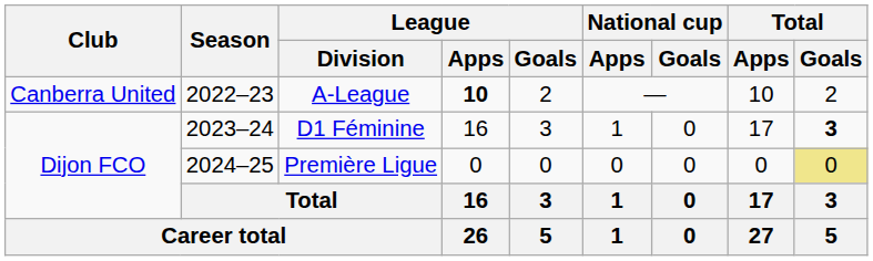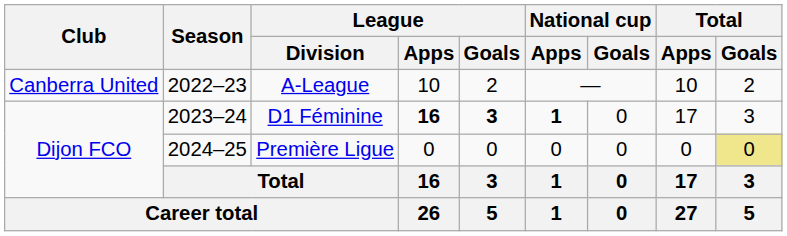 <table class="wikitable" style="text-align:center">
 <tr>
 <th rowspan="2">Club</th>
 <th rowspan="2">Season</th>
 <th colspan="3">League</th>
 <th colspan="2">National cup</th>
 <th colspan="2">Total</th>
 </tr>
 <tr>
 <th>Division</th>
 <th>Apps</th>
 <th>Goals</th>
 <th>Apps</th>
 <th>Goals</th>
 <th>Apps</th>
 <th>Goals</th>
 </tr>
 <tr>
 <td><a href='#'>Canberra United</a></td>
 <td>2022–23</td>
 <td><a href='#'>A-League</a></td>
-<td><strong>10</strong></td>
+<td>10</td>
 <td>2</td>
 <td colspan="2">—</td>
 <td>10</td>
 <td>2</td>
 </tr>
 <tr>
 <td rowspan="3"><a href='#'>Dijon FCO</a></td>
 <td>2023–24</td>
 <td><a href='#'>D1 Féminine</a></td>
-<td>16</td>
-<td>3</td>
-<td>1</td>
+<td><strong>16</strong></td>
+<td><strong>3</strong></td>
+<td><strong>1</strong></td>
 <td>0</td>
 <td>17</td>
-<td><strong>3</strong></td>
+<td>3</td>
 </tr>
 <tr>
 <td>2024–25</td>
 <td><a href='#'>Première Ligue</a></td>
 <td>0</td>
 <td>0</td>
 <td>0</td>
 <td>0</td>
 <td>0</td>
 <td style="background: khaki;">0</td>
 </tr>
 <tr>
 <th colspan="2">Total</th>
 <th>16</th>
 <th>3</th>
 <th>1</th>
 <th>0</th>
 <th>17</th>
 <th>3</th>
 </tr>
 <tr>
 <th colspan="3">Career total</th>
 <th>26</th>
 <th>5</th>
 <th>1</th>
 <th>0</th>
 <th>27</th>
 <th>5</th>
 </tr>
 </table>
